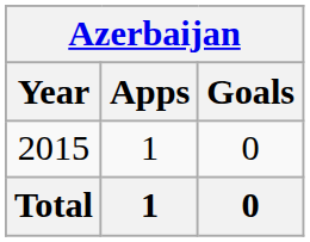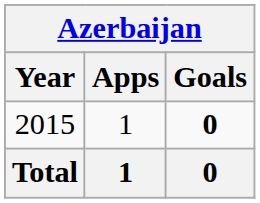 <table class="wikitable" style="text-align:center">
 <tr>
 <th colspan=3><a href='#'>Azerbaijan</a></th>
 </tr>
 <tr>
 <th>Year</th>
 <th>Apps</th>
 <th>Goals</th>
 </tr>
 <tr>
 <td>2015</td>
 <td>1</td>
-<td>0</td>
+<td><strong>0</strong></td>
 </tr>
 <tr>
 <th>Total</th>
 <th>1</th>
 <th>0</th>
 </tr>
 </table>
